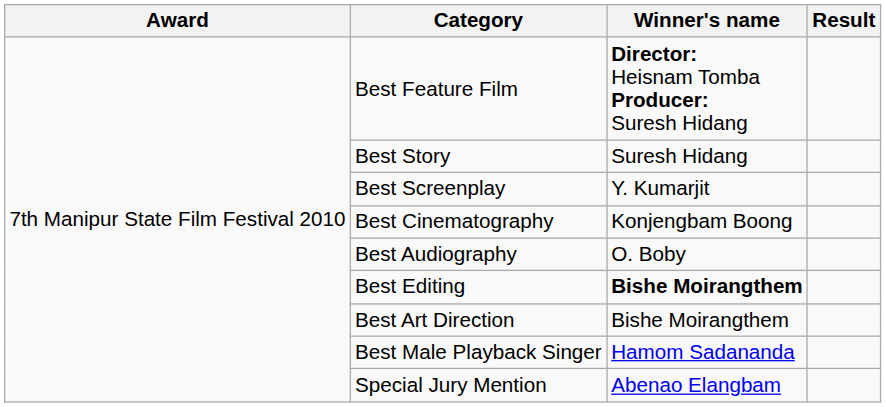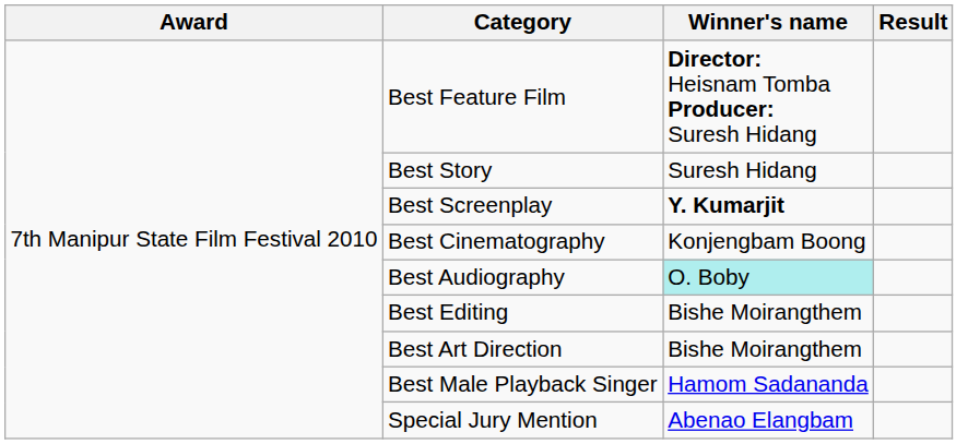 <table class="wikitable sortable">
 <tr>
 <th>Award</th>
 <th>Category</th>
 <th>Winner's name</th>
 <th>Result</th>
 </tr>
 <tr>
 <td rowspan="9">7th Manipur State Film Festival 2010</td>
 <td>Best Feature Film</td>
 <td><strong>Director:</strong><br>Heisnam Tomba<br><strong>Producer:</strong><br>Suresh Hidang</td>
 <td></td>
 </tr>
 <tr>
 <td>Best Story</td>
 <td>Suresh Hidang</td>
 <td></td>
 </tr>
 <tr>
 <td>Best Screenplay</td>
-<td>Y. Kumarjit</td>
+<td><strong>Y. Kumarjit</strong></td>
 <td></td>
 </tr>
 <tr>
 <td>Best Cinematography</td>
 <td>Konjengbam Boong</td>
 <td></td>
 </tr>
 <tr>
 <td>Best Audiography</td>
-<td>O. Boby</td>
+<td style="background: paleturquoise;">O. Boby</td>
 <td></td>
 </tr>
 <tr>
 <td>Best Editing</td>
-<td><strong>Bishe Moirangthem</strong></td>
+<td>Bishe Moirangthem</td>
 <td></td>
 </tr>
 <tr>
 <td>Best Art Direction</td>
 <td>Bishe Moirangthem</td>
 <td></td>
 </tr>
 <tr>
 <td>Best Male Playback Singer</td>
 <td><a href='#'>Hamom Sadananda</a></td>
 <td></td>
 </tr>
 <tr>
 <td>Special Jury Mention</td>
 <td><a href='#'>Abenao Elangbam</a></td>
 <td></td>
 </tr>
 </table>
